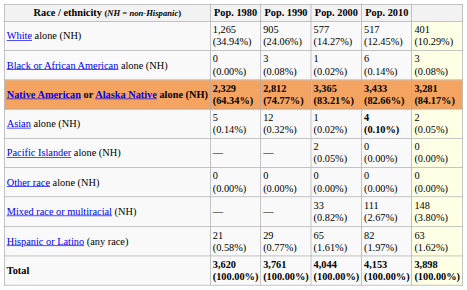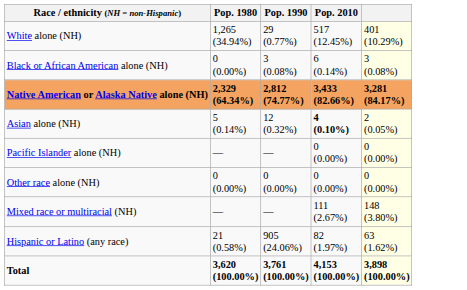 <table class="wikitable sortable collapsible" style="font-size: 95%;">
 <tr>
 <th>Race / ethnicity <small>(<em>NH = non-Hispanic</em>)</small></th>
 <th>Pop. 1980</th>
 <th>Pop. 1990</th>
-<th>Pop. 2000</th>
 <th>Pop. 2010</th>
 <th></th>
 </tr>
 <tr>
 <td><a href='#'>White</a> alone (NH)</td>
 <td>1,265<br>(34.94%)</td>
-<td>905<br>(24.06%)</td>
-<td>577<br>(14.27%)</td>
+<td>29<br>(0.77%)</td>
 <td>517<br>(12.45%)</td>
 <td style='background: #ffffe6;'>401<br>(10.29%)</td>
 </tr>
 <tr>
 <td><a href='#'>Black or African American</a> alone (NH)</td>
 <td>0<br>(0.00%)</td>
 <td>3<br>(0.08%)</td>
-<td>1<br>(0.02%)</td>
 <td>6<br>(0.14%)</td>
 <td style='background: #ffffe6;'>3<br>(0.08%)</td>
 </tr>
 <tr style='background: #F4A460;'>
 <td><strong><a href='#'>Native American</a> or <a href='#'>Alaska Native</a> alone (NH)</strong></td>
 <td><strong>2,329<br>(64.34%)</strong></td>
 <td><strong>2,812<br>(74.77%)</strong></td>
-<td><strong>3,365<br>(83.21%)</strong></td>
 <td><strong>3,433<br>(82.66%)</strong></td>
 <td><strong>3,281<br>(84.17%)</strong></td>
 </tr>
 <tr>
 <td><a href='#'>Asian</a> alone (NH)</td>
 <td>5<br>(0.14%)</td>
 <td>12<br>(0.32%)</td>
-<td>1<br>(0.02%)</td>
 <td><strong>4<br>(0.10%)</strong></td>
 <td style='background: #ffffe6;'>2<br>(0.05%)</td>
 </tr>
 <tr>
 <td><a href='#'>Pacific Islander</a> alone (NH)</td>
 <td>—</td>
 <td>—</td>
-<td>2<br>(0.05%)</td>
 <td>0<br>(0.00%)</td>
 <td style='background: #ffffe6;'>0<br>(0.00%)</td>
 </tr>
 <tr>
 <td><a href='#'>Other race</a> alone (NH)</td>
-<td>0<br>(0.00%)</td>
 <td>0<br>(0.00%)</td>
 <td>0<br>(0.00%)</td>
 <td>0<br>(0.00%)</td>
 <td style='background: #ffffe6;'>0<br>(0.00%)</td>
 </tr>
 <tr>
 <td><a href='#'>Mixed race or multiracial</a> (NH)</td>
 <td>—</td>
 <td>—</td>
-<td>33<br>(0.82%)</td>
 <td>111<br>(2.67%)</td>
 <td style='background: #ffffe6;'>148<br>(3.80%)</td>
 </tr>
 <tr>
 <td><a href='#'>Hispanic or Latino</a> (any race)</td>
 <td>21<br>(0.58%)</td>
-<td>29<br>(0.77%)</td>
-<td>65<br>(1.61%)</td>
+<td>905<br>(24.06%)</td>
 <td>82<br>(1.97%)</td>
 <td style='background: #ffffe6;'>63<br>(1.62%)</td>
 </tr>
 <tr>
 <td><strong>Total</strong></td>
 <td><strong>3,620<br>(100.00%)</strong></td>
 <td><strong>3,761<br>(100.00%)</strong></td>
-<td><strong>4,044<br>(100.00%)</strong></td>
 <td><strong>4,153<br>(100.00%)</strong></td>
 <td style='background: #ffffe6;'><strong>3,898<br>(100.00%)</strong></td>
 </tr>
 </table>
